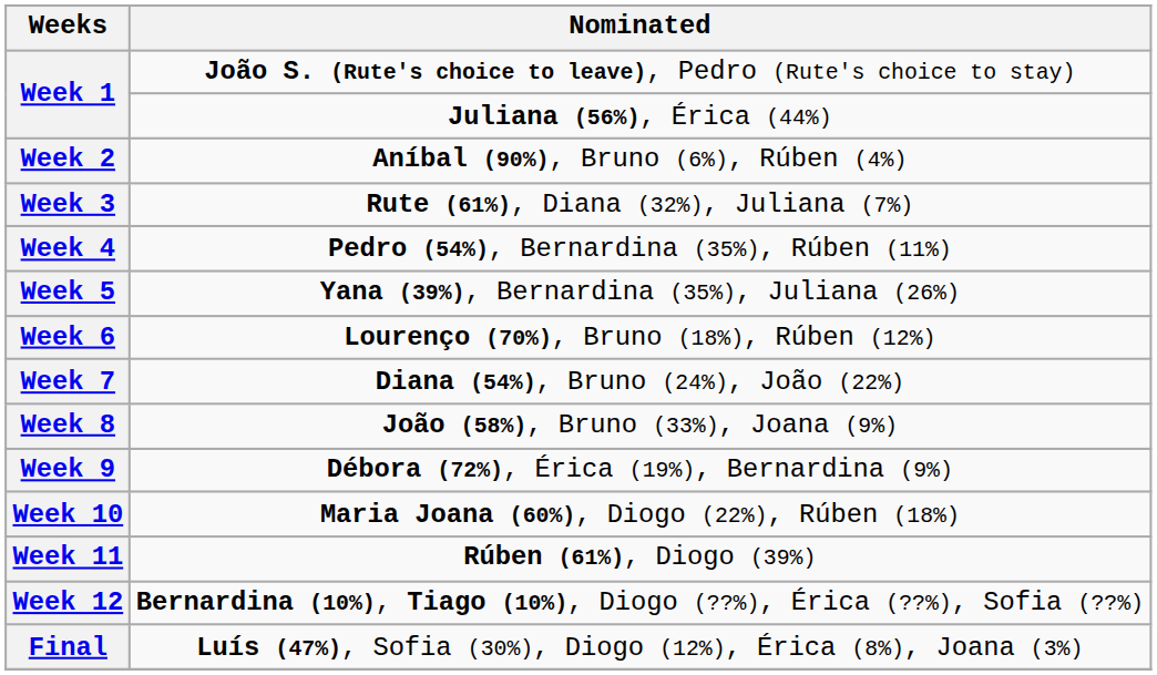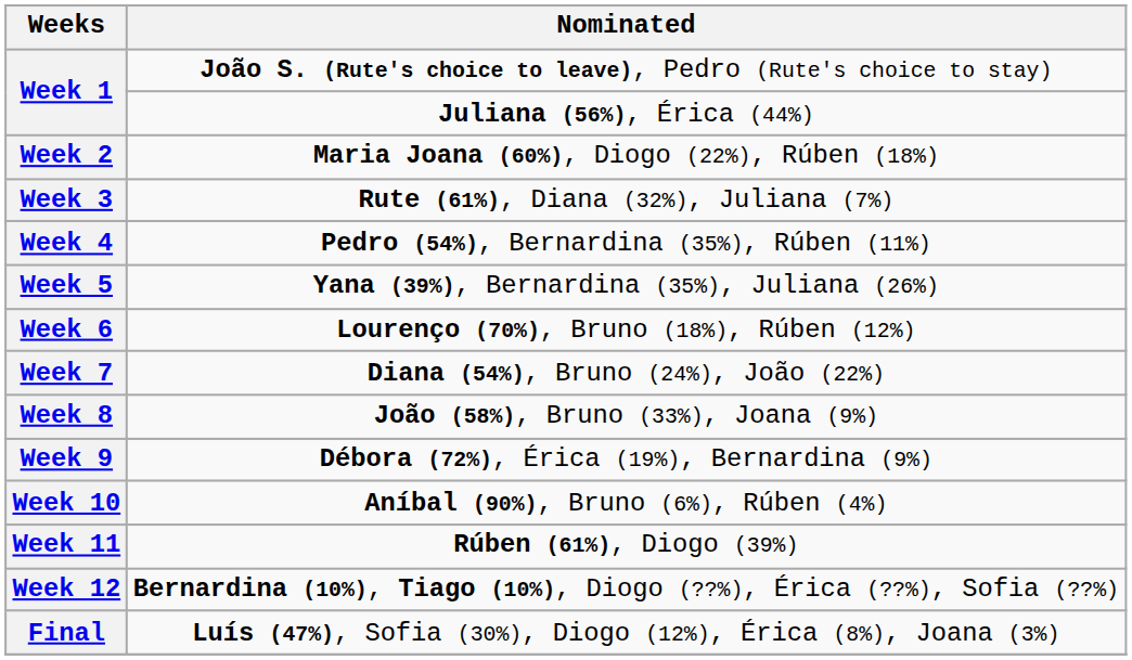 <table class="wikitable" style="font-size:90%; text-align:center; margin-left: auto; margin-right: auto">
 <tr>
 <th>Weeks</th>
 <th>Nominated</th>
 </tr>
 <tr>
 <th rowspan="2"><a href='#'>Week 1</a></th>
 <td><strong>João S. <small>(Rute's choice to leave)</small></strong>, Pedro <small>(Rute's choice to stay)</small></td>
 </tr>
 <tr>
 <td><strong>Juliana <small>(56%)</small></strong>, Érica <small>(44%)</small></td>
 </tr>
 <tr>
 <th><a href='#'>Week 2</a></th>
-<td><strong>Aníbal <small>(90%)</small></strong>, Bruno <small>(6%)</small>, Rúben <small>(4%)</small></td>
+<td><strong>Maria Joana <small>(60%)</small></strong>, Diogo <small>(22%)</small>, Rúben <small>(18%)</small></td>
 </tr>
 <tr>
 <th><a href='#'>Week 3</a></th>
 <td><strong>Rute <small>(61%)</small></strong>, Diana <small>(32%)</small>, Juliana <small>(7%)</small></td>
 </tr>
 <tr>
 <th><a href='#'>Week 4</a></th>
 <td><strong>Pedro <small>(54%)</small></strong>, Bernardina <small>(35%)</small>, Rúben <small>(11%)</small></td>
 </tr>
 <tr>
 <th><a href='#'>Week 5</a></th>
 <td><strong>Yana <small>(39%)</small></strong>, Bernardina <small>(35%)</small>, Juliana <small>(26%)</small></td>
 </tr>
 <tr>
 <th><a href='#'>Week 6</a></th>
 <td><strong>Lourenço <small>(70%)</small></strong>, Bruno <small>(18%)</small>, Rúben <small>(12%)</small></td>
 </tr>
 <tr>
 <th><a href='#'>Week 7</a></th>
 <td><strong>Diana <small>(54%)</small></strong>, Bruno <small>(24%)</small>, João <small>(22%)</small></td>
 </tr>
 <tr>
 <th><a href='#'>Week 8</a></th>
 <td><strong>João <small>(58%)</small></strong>, Bruno <small>(33%)</small>, Joana <small>(9%)</small></td>
 </tr>
 <tr>
 <th><a href='#'>Week 9</a></th>
 <td><strong>Débora <small>(72%)</small></strong>, Érica <small>(19%)</small>, Bernardina <small>(9%)</small></td>
 </tr>
 <tr>
 <th><a href='#'>Week 10</a></th>
-<td><strong>Maria Joana <small>(60%)</small></strong>, Diogo <small>(22%)</small>, Rúben <small>(18%)</small></td>
+<td><strong>Aníbal <small>(90%)</small></strong>, Bruno <small>(6%)</small>, Rúben <small>(4%)</small></td>
 </tr>
 <tr>
 <th><a href='#'>Week 11</a></th>
 <td><strong>Rúben <small>(61%)</small></strong>, Diogo <small>(39%)</small></td>
 </tr>
 <tr>
 <th><a href='#'>Week 12</a></th>
 <td><strong>Bernardina <small>(10%)</small></strong>, <strong>Tiago <small>(10%)</small></strong>, Diogo <small>(??%)</small>, Érica <small>(??%)</small>, Sofia <small>(??%)</small></td>
 </tr>
 <tr>
 <th><a href='#'>Final</a></th>
 <td><strong>Luís <small>(47%)</small></strong>, Sofia <small>(30%)</small>, Diogo <small>(12%)</small>, Érica <small>(8%)</small>, Joana <small>(3%)</small></td>
 </tr>
 <tr>
 </tr>
 </table>
